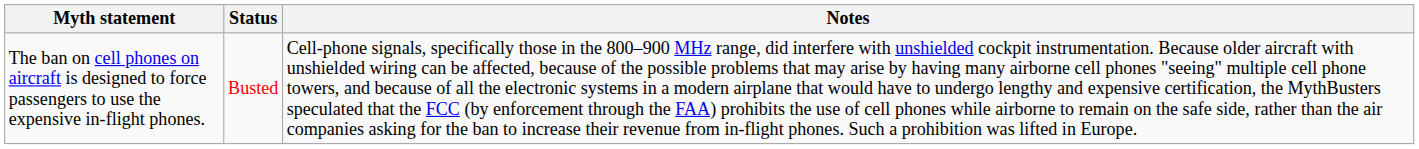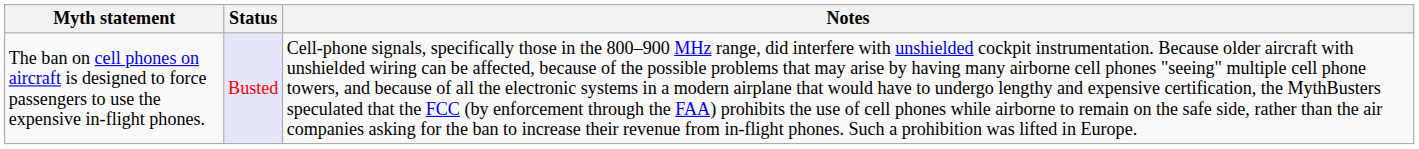 <table class="wikitable plainrowheaders">
 <tr>
 <th>Myth statement</th>
 <th>Status</th>
 <th>Notes</th>
 </tr>
 <tr>
 <td>The ban on <a href='#'>cell phones on aircraft</a> is designed to force passengers to use the expensive in-flight phones.</td>
-<td style="color:red">Busted</td>
+<td style="background: lavender; color:red">Busted</td>
 <td>Cell-phone signals, specifically those in the 800–900 <a href='#'>MHz</a> range, did interfere with <a href='#'>unshielded</a> cockpit instrumentation. Because older aircraft with unshielded wiring can be affected, because of the possible problems that may arise by having many airborne cell phones "seeing" multiple cell phone towers, and because of all the electronic systems in a modern airplane that would have to undergo lengthy and expensive certification, the MythBusters speculated that the <a href='#'>FCC</a> (by enforcement through the <a href='#'>FAA</a>) prohibits the use of cell phones while airborne to remain on the safe side, rather than the air companies asking for the ban to increase their revenue from in-flight phones. Such a prohibition was lifted in Europe.</td>
 </tr>
 </table>
